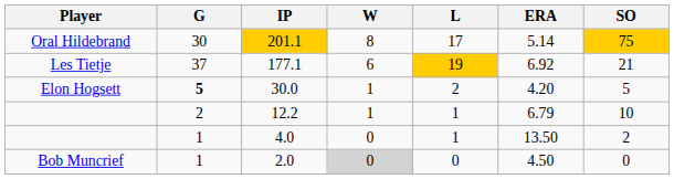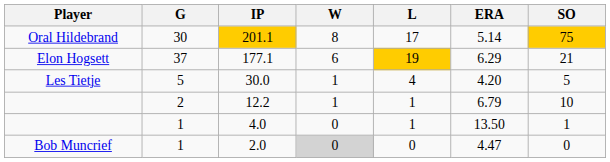 <table class="wikitable sortable">
 <tr>
 <th bgcolor="#DDDDFF" width="16%">Player</th>
 <th bgcolor="#DDDDFF" width="9%">G</th>
 <th bgcolor="#DDDDFF" width="9%">IP</th>
 <th bgcolor="#DDDDFF" width="9%">W</th>
 <th bgcolor="#DDDDFF" width="9%">L</th>
 <th bgcolor="#DDDDFF" width="9%">ERA</th>
 <th bgcolor="#DDDDFF" width="9%">SO</th>
 </tr>
 <tr align="center">
 <td><a href='#'>Oral Hildebrand</a></td>
 <td>30</td>
 <td style="background:#fc0;">201.1</td>
 <td>8</td>
 <td>17</td>
 <td>5.14</td>
 <td style="background:#fc0;">75</td>
 </tr>
 <tr align=center>
-<td><a href='#'>Les Tietje</a></td>
+<td><a href='#'>Elon Hogsett</a></td>
 <td>37</td>
 <td>177.1</td>
 <td>6</td>
 <td style="background:#fc0;">19</td>
-<td>6.92</td>
+<td>6.29</td>
 <td>21</td>
 </tr>
 <tr align=center>
-<td><a href='#'>Elon Hogsett</a></td>
-<td><strong>5</strong></td>
+<td><a href='#'>Les Tietje</a></td>
+<td>5</td>
 <td>30.0</td>
 <td>1</td>
-<td>2</td>
+<td>4</td>
 <td>4.20</td>
 <td>5</td>
 </tr>
 <tr align=center>
 <td></td>
 <td>2</td>
 <td>12.2</td>
 <td>1</td>
 <td>1</td>
 <td>6.79</td>
 <td>10</td>
 </tr>
 <tr align="center">
 <td></td>
 <td>1</td>
 <td>4.0</td>
 <td>0</td>
 <td>1</td>
 <td>13.50</td>
-<td>2</td>
+<td>1</td>
 </tr>
 <tr align="center">
 <td><a href='#'>Bob Muncrief</a></td>
 <td>1</td>
 <td>2.0</td>
 <td style="background: lightgrey;">0</td>
 <td>0</td>
-<td>4.50</td>
+<td>4.47</td>
 <td>0</td>
 </tr>
 </table>
